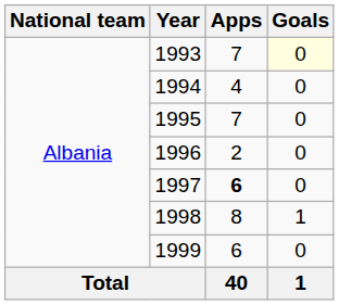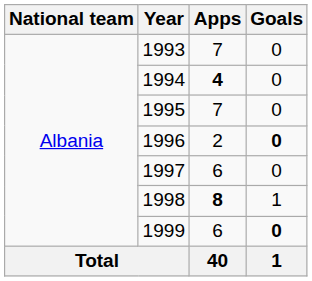 <table class="wikitable" style="text-align:center">
 <tr>
 <th>National team</th>
 <th>Year</th>
 <th>Apps</th>
 <th>Goals</th>
 </tr>
 <tr>
 <td rowspan="7"><a href='#'>Albania</a></td>
 <td>1993</td>
 <td>7</td>
-<td style="background: lightyellow;">0</td>
+<td>0</td>
 </tr>
 <tr>
 <td>1994</td>
-<td>4</td>
+<td><strong>4</strong></td>
 <td>0</td>
 </tr>
 <tr>
 <td>1995</td>
 <td>7</td>
 <td>0</td>
 </tr>
 <tr>
 <td>1996</td>
 <td>2</td>
-<td>0</td>
+<td><strong>0</strong></td>
 </tr>
 <tr>
 <td>1997</td>
-<td><strong>6</strong></td>
+<td>6</td>
 <td>0</td>
 </tr>
 <tr>
 <td>1998</td>
-<td>8</td>
+<td><strong>8</strong></td>
 <td>1</td>
 </tr>
 <tr>
 <td>1999</td>
 <td>6</td>
-<td>0</td>
+<td><strong>0</strong></td>
 </tr>
 <tr>
 <th colspan="2">Total</th>
 <th>40</th>
 <th>1</th>
 </tr>
 </table>
